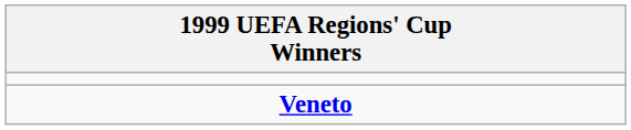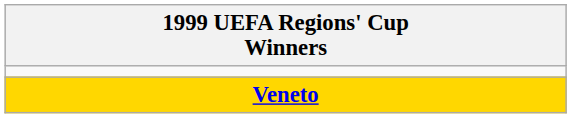 <table class="wikitable" style="text-align: center; margin: 0 auto; width: 20%">
 <tr>
 <th>1999 UEFA Regions' Cup<br>Winners</th>
 </tr>
 <tr>
 <td> </td>
 </tr>
 <tr>
-<td><strong><a href='#'>Veneto</a></strong></td>
+<td style="background: gold;"><strong><a href='#'>Veneto</a></strong></td>
 </tr>
 </table>
